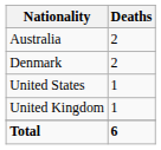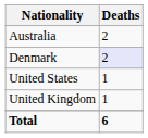 <table class="sortable wikitable" align="right" style="margin:0 0 0.5em 1em; font-size:85%;">
 <tr>
 <th>Nationality</th>
 <th>Deaths</th>
 </tr>
 <tr>
 <td style="text-align:left;">Australia</td>
 <td>2</td>
 </tr>
 <tr>
 <td style="text-align:left;">Denmark</td>
-<td>2</td>
+<td style="background: lavender;">2</td>
 </tr>
 <tr>
 <td style="text-align:left;">United States</td>
 <td>1</td>
 </tr>
 <tr>
 <td>United Kingdom</td>
 <td>1</td>
 </tr>
 <tr>
 </tr>
 <tr class="sortbottom">
 <td><strong>Total</strong></td>
 <td><strong>6</strong></td>
 </tr>
 </table>
